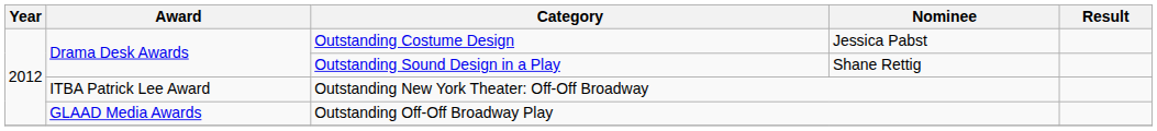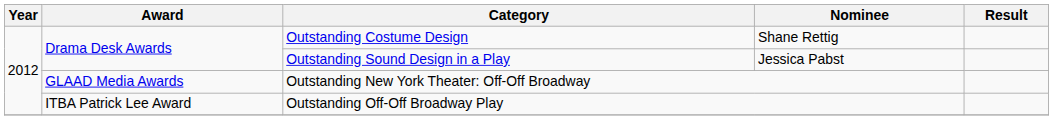 <table class="wikitable" width="95%">
 <tr>
 <th width="3%">Year</th>
 <th width="23%">Award</th>
 <th width="45%">Category</th>
 <th width="20%">Nominee</th>
 <th width="8%">Result</th>
 </tr>
 <tr>
 <td rowspan="4">2012</td>
 <td rowspan="2"><a href='#'>Drama Desk Awards</a></td>
 <td><a href='#'>Outstanding Costume Design</a></td>
+<td>Shane Rettig</td>
+<td></td>
+</tr>
+<tr>
+<td><a href='#'>Outstanding Sound Design in a Play</a></td>
 <td>Jessica Pabst</td>
 <td></td>
 </tr>
 <tr>
-<td><a href='#'>Outstanding Sound Design in a Play</a></td>
-<td>Shane Rettig</td>
+<td><a href='#'>GLAAD Media Awards</a></td>
+<td colspan="2">Outstanding New York Theater: Off-Off Broadway</td>
 <td></td>
 </tr>
 <tr>
 <td>ITBA Patrick Lee Award</td>
-<td colspan="2">Outstanding New York Theater: Off-Off Broadway</td>
-<td></td>
-</tr>
-<tr>
-<td><a href='#'>GLAAD Media Awards</a></td>
 <td colspan="2">Outstanding Off-Off Broadway Play</td>
 <td></td>
 </tr>
 <tr>
 </tr>
 </table>
